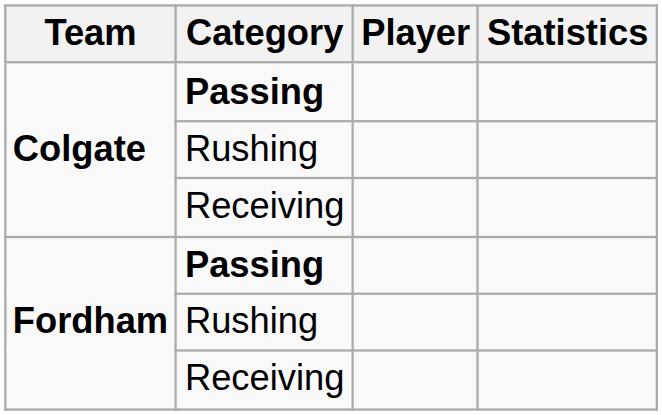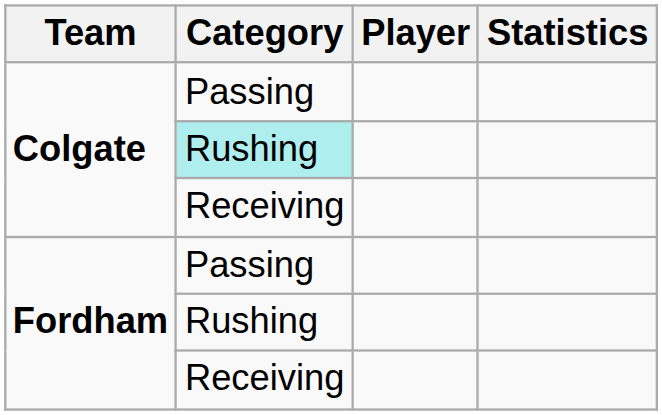 <table class="wikitable" style="float: right;">
 <tr>
 <th>Team</th>
 <th>Category</th>
 <th>Player</th>
 <th>Statistics</th>
 </tr>
 <tr>
 <td rowspan=3><strong>Colgate</strong></td>
-<td><strong>Passing</strong></td>
+<td>Passing</td>
 <td></td>
 <td></td>
 </tr>
 <tr>
-<td>Rushing</td>
+<td style="background: paleturquoise;">Rushing</td>
 <td></td>
 <td></td>
 </tr>
 <tr>
 <td>Receiving</td>
 <td></td>
 <td></td>
 </tr>
 <tr>
 <td rowspan=3><strong>Fordham</strong></td>
-<td><strong>Passing</strong></td>
+<td>Passing</td>
 <td></td>
 <td></td>
 </tr>
 <tr>
 <td>Rushing</td>
 <td></td>
 <td></td>
 </tr>
 <tr>
 <td>Receiving</td>
 <td></td>
 <td></td>
 </tr>
 </table>
